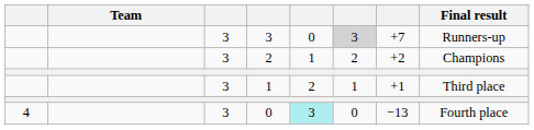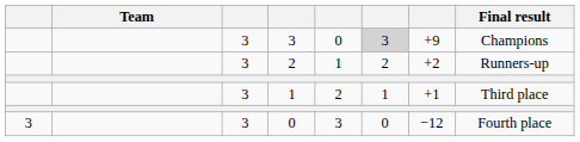 <table class=wikitable style="text-align:center;" width=620>
 <tr>
 <th width=5.5%></th>
 <th width=20%>Team</th>
 <th width=5.5%></th>
 <th width=5.5%></th>
 <th width=5.5%></th>
 <th width=5.5%></th>
 <th width=5.5%></th>
 <th width=14%>Final result</th>
 </tr>
 <tr>
 <td></td>
 <td align="left"></td>
 <td>3</td>
 <td>3</td>
 <td>0</td>
 <td style="background: lightgrey;">3</td>
-<td>+7</td>
-<td>Runners-up</td>
+<td>+9</td>
+<td>Champions</td>
 </tr>
 <tr>
 <td></td>
 <td align="left"></td>
 <td>3</td>
 <td>2</td>
 <td>1</td>
 <td>2</td>
 <td>+2</td>
-<td>Champions</td>
+<td>Runners-up</td>
 </tr>
 <tr>
 <th colspan="8"></th>
 </tr>
 <tr>
 <td></td>
 <td align="left"></td>
 <td>3</td>
 <td>1</td>
 <td>2</td>
 <td>1</td>
 <td>+1</td>
 <td>Third place</td>
 </tr>
 <tr>
 <th colspan="8"></th>
 </tr>
 <tr>
-<td>4</td>
+<td>3</td>
 <td align="left"></td>
 <td>3</td>
 <td>0</td>
-<td style="background: paleturquoise;">3</td>
+<td>3</td>
 <td>0</td>
-<td>−13</td>
+<td>−12</td>
 <td>Fourth place</td>
 </tr>
 </table>
